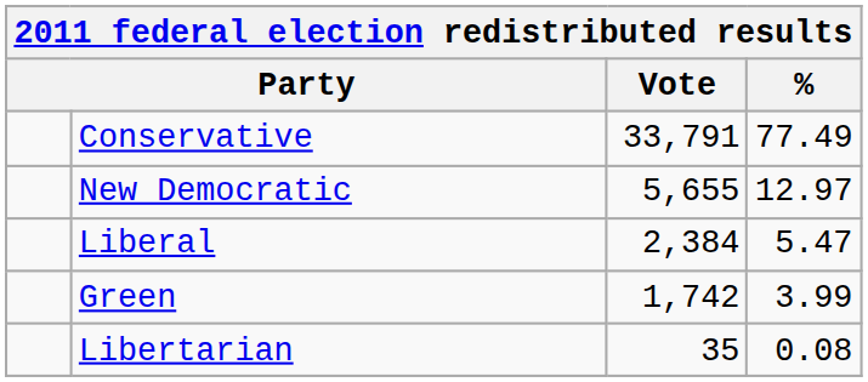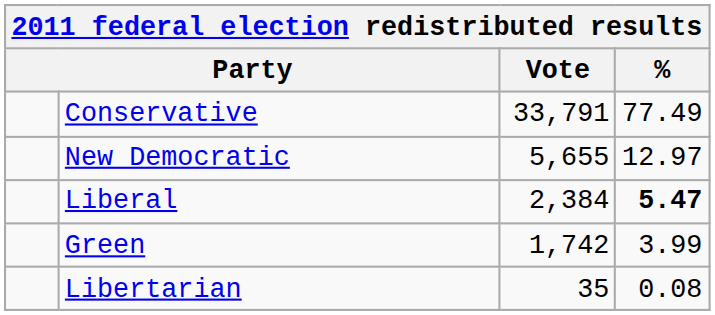 <table class="wikitable">
 <tr>
 <th colspan="4"><a href='#'>2011 federal election</a> redistributed results</th>
 </tr>
 <tr>
 <th bgcolor="#DDDDFF" width="130px" colspan="2">Party</th>
 <th bgcolor="#DDDDFF" width="50px">Vote</th>
 <th bgcolor="#DDDDFF" width="30px">%</th>
 </tr>
 <tr>
 <td> </td>
 <td><a href='#'>Conservative</a></td>
 <td align=right>33,791</td>
 <td align=right>77.49</td>
 </tr>
 <tr>
 <td> </td>
 <td><a href='#'>New Democratic</a></td>
 <td align=right>5,655</td>
 <td align=right>12.97</td>
 </tr>
 <tr>
 <td> </td>
 <td><a href='#'>Liberal</a></td>
 <td align=right>2,384</td>
-<td align=right>5.47</td>
+<td align=right><strong>5.47</strong></td>
 </tr>
 <tr>
 <td> </td>
 <td><a href='#'>Green</a></td>
 <td align=right>1,742</td>
 <td align=right>3.99</td>
 </tr>
 <tr>
 <td> </td>
 <td><a href='#'>Libertarian</a></td>
 <td align=right>35</td>
 <td align=right>0.08</td>
 </tr>
 </table>
